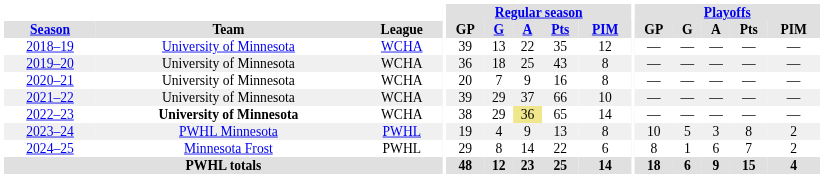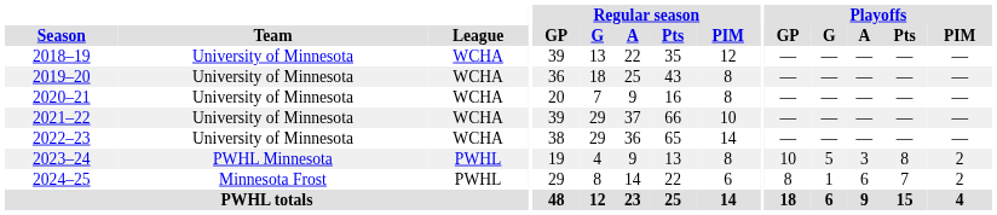 <table border="0" cellpadding="1" cellspacing="0" style="text-align:center; width:60em">
 <tr bgcolor="#e0e0e0">
 <th colspan="3" bgcolor="#ffffff"></th>
 <th rowspan="97" bgcolor="#ffffff"></th>
 <th colspan="5"><a href='#'>Regular season</a></th>
 <th rowspan="97" bgcolor="#ffffff"></th>
 <th colspan="5"><a href='#'>Playoffs</a></th>
 </tr>
 <tr bgcolor="#e0e0e0">
 <th><a href='#'>Season</a></th>
 <th>Team</th>
 <th>League</th>
 <th>GP</th>
 <th><a href='#'>G</a></th>
 <th><a href='#'>A</a></th>
 <th><a href='#'>Pts</a></th>
 <th><a href='#'>PIM</a></th>
 <th>GP</th>
 <th>G</th>
 <th>A</th>
 <th>Pts</th>
 <th>PIM</th>
 </tr>
 <tr>
 <td><a href='#'>2018–19</a></td>
 <td><a href='#'>University of Minnesota</a></td>
 <td><a href='#'>WCHA</a></td>
 <td>39</td>
 <td>13</td>
 <td>22</td>
 <td>35</td>
 <td>12</td>
 <td>—</td>
 <td>—</td>
 <td>—</td>
 <td>—</td>
 <td>—</td>
 </tr>
 <tr bgcolor="#f0f0f0">
 <td><a href='#'>2019–20</a></td>
 <td>University of Minnesota</td>
 <td>WCHA</td>
 <td>36</td>
 <td>18</td>
 <td>25</td>
 <td>43</td>
 <td>8</td>
 <td>—</td>
 <td>—</td>
 <td>—</td>
 <td>—</td>
 <td>—</td>
 </tr>
 <tr>
 <td><a href='#'>2020–21</a></td>
 <td>University of Minnesota</td>
 <td>WCHA</td>
 <td>20</td>
 <td>7</td>
 <td>9</td>
 <td>16</td>
 <td>8</td>
 <td>—</td>
 <td>—</td>
 <td>—</td>
 <td>—</td>
 <td>—</td>
 </tr>
 <tr bgcolor="#f0f0f0">
 <td><a href='#'>2021–22</a></td>
 <td>University of Minnesota</td>
 <td>WCHA</td>
 <td>39</td>
 <td>29</td>
 <td>37</td>
 <td>66</td>
 <td>10</td>
 <td>—</td>
 <td>—</td>
 <td>—</td>
 <td>—</td>
 <td>—</td>
 </tr>
 <tr>
 <td><a href='#'>2022–23</a></td>
-<td><strong>University of Minnesota</strong></td>
+<td>University of Minnesota</td>
 <td>WCHA</td>
 <td>38</td>
 <td>29</td>
-<td style="background: khaki;">36</td>
+<td>36</td>
 <td>65</td>
 <td>14</td>
 <td>—</td>
 <td>—</td>
 <td>—</td>
 <td>—</td>
 <td>—</td>
 </tr>
 <tr bgcolor="#f0f0f0">
 <td><a href='#'>2023–24</a></td>
 <td><a href='#'>PWHL Minnesota</a></td>
 <td><a href='#'>PWHL</a></td>
 <td>19</td>
 <td>4</td>
 <td>9</td>
 <td>13</td>
 <td>8</td>
 <td>10</td>
 <td>5</td>
 <td>3</td>
 <td>8</td>
 <td>2</td>
 </tr>
 <tr>
 <td><a href='#'>2024–25</a></td>
 <td><a href='#'>Minnesota Frost</a></td>
 <td>PWHL</td>
 <td>29</td>
 <td>8</td>
 <td>14</td>
 <td>22</td>
 <td>6</td>
 <td>8</td>
 <td>1</td>
 <td>6</td>
 <td>7</td>
 <td>2</td>
 </tr>
 <tr bgcolor="#e0e0e0">
 <th colspan="3">PWHL totals</th>
 <th>48</th>
 <th>12</th>
 <th>23</th>
 <th>25</th>
 <th>14</th>
 <th>18</th>
 <th>6</th>
 <th>9</th>
 <th>15</th>
 <th>4</th>
 </tr>
 </table>
